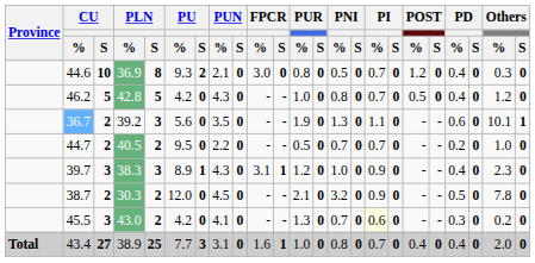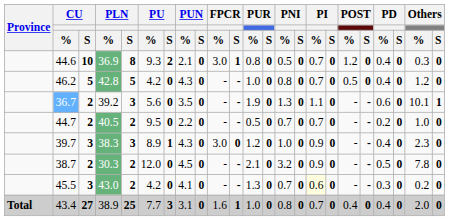 <table class="wikitable sortable" style="text-align:right; font-size:95%; line-height:20px;">
 <tr>
 <th rowspan="3"><a href='#'>Province</a></th>
 <th colspan="2" width="30px"><a href='#'>CU</a></th>
 <th colspan="2" width="30px"><a href='#'>PLN</a></th>
 <th colspan="2" width="30px"><a href='#'>PU</a></th>
 <th colspan="2" width="30px"><a href='#'>PUN</a></th>
 <th colspan="2" width="30px">FPCR</th>
 <th colspan="2" width="30px">PUR</th>
 <th colspan="2" width="30px">PNI</th>
 <th colspan="2" width="30px">PI</th>
 <th colspan="2" width="30px">POST</th>
 <th colspan="2" width="30px">PD</th>
 <th colspan="2" width="30px">Others</th>
 </tr>
 <tr>
 <th colspan="2" style="background:"></th>
 <th colspan="2" style="background:"></th>
 <th colspan="2" style="background:"></th>
 <th colspan="2" style="background:"></th>
 <th colspan="2" style="background:"></th>
 <th colspan="2" style="background:royalblue"></th>
 <th colspan="2" style="background:"></th>
 <th colspan="2" style="background:"></th>
 <th colspan="2" style="background:#5C0909"></th>
 <th colspan="2" style="background:"></th>
 <th colspan="2" style="background:grey"></th>
 </tr>
 <tr>
 <th data-sort-type="number">%</th>
 <th data-sort-type="number">S</th>
 <th data-sort-type="number">%</th>
 <th data-sort-type="number">S</th>
 <th data-sort-type="number">%</th>
 <th data-sort-type="number">S</th>
 <th data-sort-type="number">%</th>
 <th data-sort-type="number">S</th>
 <th data-sort-type="number">%</th>
 <th data-sort-type="number">S</th>
 <th data-sort-type="number">%</th>
 <th data-sort-type="number">S</th>
 <th data-sort-type="number">%</th>
 <th data-sort-type="number">S</th>
 <th data-sort-type="number">%</th>
 <th data-sort-type="number">S</th>
 <th data-sort-type="number">%</th>
 <th data-sort-type="number">S</th>
 <th data-sort-type="number">%</th>
 <th data-sort-type="number">S</th>
 <th data-sort-type="number">%</th>
 <th data-sort-type="number">S</th>
 </tr>
 <tr>
 <td align="left"></td>
 <td style="background:">44.6</td>
 <td><strong>10</strong></td>
 <td style="background:#66B27B; color:white;">36.9</td>
 <td><strong>8</strong></td>
 <td>9.3</td>
 <td><strong>2</strong></td>
 <td>2.1</td>
 <td><strong>0</strong></td>
 <td>3.0</td>
-<td><strong>0</strong></td>
+<td><strong>1</strong></td>
 <td>0.8</td>
 <td><strong>0</strong></td>
 <td>0.5</td>
 <td><strong>0</strong></td>
 <td>0.7</td>
 <td><strong>0</strong></td>
 <td>1.2</td>
 <td><strong>0</strong></td>
 <td>0.4</td>
 <td><strong>0</strong></td>
 <td>0.3</td>
 <td><strong>0</strong></td>
 </tr>
 <tr>
 <td align="left"></td>
 <td style="background:">46.2</td>
 <td><strong>5</strong></td>
 <td style="background:#66B27B; color:white;">42.8</td>
 <td><strong>5</strong></td>
 <td>4.2</td>
 <td><strong>0</strong></td>
 <td>4.3</td>
 <td><strong>0</strong></td>
 <td>-</td>
 <td><strong>-</strong></td>
 <td>1.0</td>
 <td><strong>0</strong></td>
 <td>0.8</td>
 <td><strong>0</strong></td>
 <td>0.7</td>
 <td><strong>0</strong></td>
 <td>0.5</td>
 <td><strong>0</strong></td>
 <td>0.4</td>
 <td><strong>0</strong></td>
 <td>1.2</td>
 <td><strong>0</strong></td>
 </tr>
 <tr>
 <td align="left"></td>
 <td style="background:#61b1ff; color:white;">36.7</td>
 <td><strong>2</strong></td>
 <td style="background:">39.2</td>
 <td><strong>3</strong></td>
 <td>5.6</td>
 <td><strong>0</strong></td>
 <td>3.5</td>
 <td><strong>0</strong></td>
 <td>-</td>
 <td><strong>-</strong></td>
 <td>1.9</td>
 <td><strong>0</strong></td>
 <td>1.3</td>
 <td><strong>0</strong></td>
 <td>1.1</td>
 <td><strong>0</strong></td>
 <td>-</td>
 <td><strong>-</strong></td>
 <td>0.6</td>
 <td><strong>0</strong></td>
 <td>10.1</td>
 <td><strong>1</strong></td>
 </tr>
 <tr>
 <td align="left"></td>
 <td style="background:">44.7</td>
 <td><strong>2</strong></td>
 <td style="background:#66B27B; color:white;">40.5</td>
 <td><strong>2</strong></td>
 <td>9.5</td>
 <td><strong>0</strong></td>
 <td>2.2</td>
 <td><strong>0</strong></td>
 <td>-</td>
 <td><strong>-</strong></td>
 <td>0.5</td>
 <td><strong>0</strong></td>
 <td>0.7</td>
 <td><strong>0</strong></td>
 <td>0.7</td>
 <td><strong>0</strong></td>
 <td>-</td>
 <td><strong>-</strong></td>
 <td>0.2</td>
 <td><strong>0</strong></td>
 <td>1.0</td>
 <td><strong>0</strong></td>
 </tr>
 <tr>
 <td align="left"></td>
 <td style="background:">39.7</td>
 <td><strong>3</strong></td>
 <td style="background:#66B27B; color:white;">38.3</td>
 <td><strong>3</strong></td>
 <td>8.9</td>
 <td><strong>1</strong></td>
 <td>4.3</td>
 <td><strong>0</strong></td>
-<td>3.1</td>
-<td><strong>1</strong></td>
+<td>3.0</td>
+<td><strong>0</strong></td>
 <td>1.2</td>
 <td><strong>0</strong></td>
 <td>1.0</td>
 <td><strong>0</strong></td>
 <td>0.9</td>
 <td><strong>0</strong></td>
 <td>-</td>
 <td><strong>-</strong></td>
 <td>0.4</td>
 <td><strong>0</strong></td>
 <td>2.3</td>
 <td><strong>0</strong></td>
 </tr>
 <tr>
 <td align="left"></td>
 <td style="background:">38.7</td>
 <td><strong>2</strong></td>
 <td style="background:#66B27B; color:white;">30.3</td>
 <td><strong>2</strong></td>
 <td>12.0</td>
 <td><strong>0</strong></td>
 <td>4.5</td>
 <td><strong>0</strong></td>
 <td>-</td>
 <td><strong>-</strong></td>
 <td>2.1</td>
 <td><strong>0</strong></td>
 <td>3.2</td>
 <td><strong>0</strong></td>
 <td>0.9</td>
 <td><strong>0</strong></td>
 <td>-</td>
 <td><strong>-</strong></td>
 <td>0.5</td>
 <td><strong>0</strong></td>
 <td>7.8</td>
 <td><strong>0</strong></td>
 </tr>
 <tr>
 <td align="left"></td>
 <td style="background:">45.5</td>
 <td><strong>3</strong></td>
 <td style="background:#66B27B; color:white;">43.0</td>
 <td><strong>2</strong></td>
 <td>4.2</td>
 <td><strong>0</strong></td>
 <td>4.1</td>
 <td><strong>0</strong></td>
 <td>-</td>
 <td><strong>-</strong></td>
 <td>1.3</td>
 <td><strong>0</strong></td>
 <td>0.7</td>
 <td><strong>0</strong></td>
 <td style="background: lightyellow;">0.6</td>
 <td><strong>0</strong></td>
 <td>-</td>
 <td><strong>-</strong></td>
 <td>0.3</td>
 <td><strong>0</strong></td>
 <td>0.2</td>
 <td><strong>0</strong></td>
 </tr>
 <tr style="background:#CDCDCD;">
 <td align="left"><strong>Total</strong></td>
 <td style="background:">43.4</td>
 <td><strong>27</strong></td>
 <td>38.9</td>
 <td><strong>25</strong></td>
 <td>7.7</td>
 <td><strong>3</strong></td>
 <td>3.1</td>
 <td><strong>0</strong></td>
 <td>1.6</td>
 <td><strong>1</strong></td>
 <td>1.0</td>
 <td><strong>0</strong></td>
 <td>0.8</td>
 <td><strong>0</strong></td>
 <td>0.7</td>
 <td><strong>0</strong></td>
 <td>0.4</td>
 <td><strong>0</strong></td>
 <td>0.4</td>
 <td><strong>0</strong></td>
 <td>2.0</td>
 <td><strong>0</strong></td>
 </tr>
 </table>
